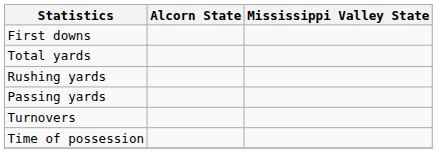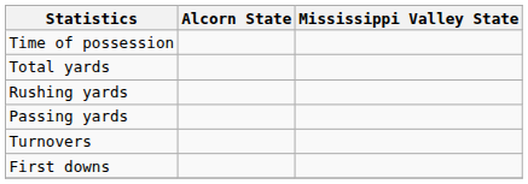 <table class="wikitable">
 <tr>
 <th>Statistics</th>
 <th>Alcorn State</th>
 <th>Mississippi Valley State</th>
 </tr>
 <tr>
-<td>First downs</td>
+<td>Time of possession</td>
 <td> </td>
 <td> </td>
 </tr>
 <tr>
 <td>Total yards</td>
 <td> </td>
 <td> </td>
 </tr>
 <tr>
 <td>Rushing yards</td>
 <td> </td>
 <td> </td>
 </tr>
 <tr>
 <td>Passing yards</td>
 <td> </td>
 <td> </td>
 </tr>
 <tr>
 <td>Turnovers</td>
 <td> </td>
 <td> </td>
 </tr>
 <tr>
-<td>Time of possession</td>
+<td>First downs</td>
 <td> </td>
 <td> </td>
 </tr>
 <tr>
 </tr>
 </table>
